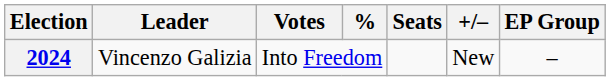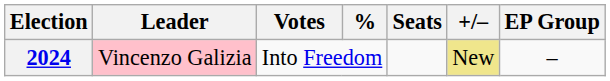 <table class="wikitable" style="text-align:center">
 <tr>
 <th>Election</th>
 <th>Leader</th>
 <th>Votes</th>
 <th>%</th>
 <th>Seats</th>
 <th>+/–</th>
 <th>EP Group</th>
 </tr>
 <tr>
 <th><a href='#'>2024</a></th>
-<td>Vincenzo Galizia</td>
+<td style="background: pink;">Vincenzo Galizia</td>
 <td colspan="2">Into <a href='#'>Freedom</a></td>
 <td></td>
-<td>New</td>
+<td style="background: khaki;">New</td>
 <td>–</td>
 </tr>
 </table>
